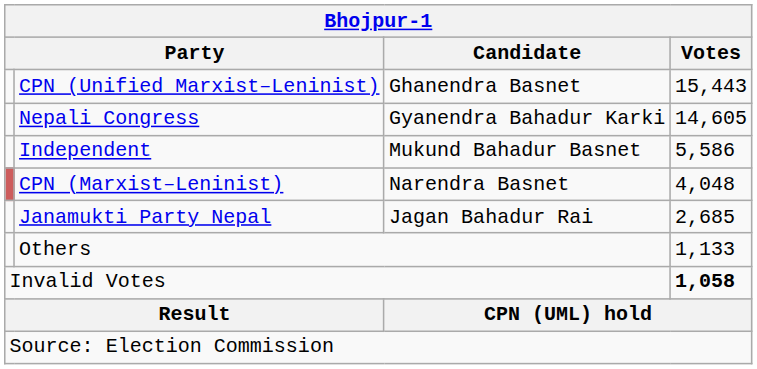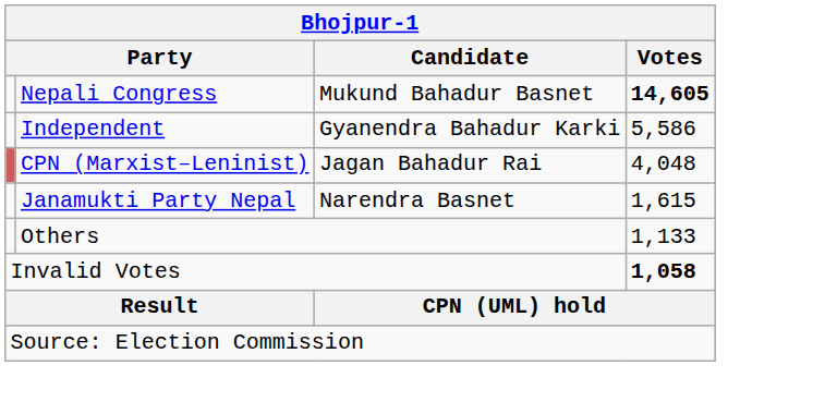 <table class="wikitable">
 <tr>
 <th colspan="4"><a href='#'>Bhojpur-1</a></th>
 </tr>
 <tr>
 <th colspan="2">Party</th>
 <th>Candidate</th>
 <th>Votes</th>
 </tr>
 <tr>
 <td style="background-color:"></td>
-<td><a href='#'>CPN (Unified Marxist–Leninist)</a></td>
-<td>Ghanendra Basnet</td>
-<td>15,443</td>
-</tr>
-<tr>
-<td style="background-color:"></td>
 <td><a href='#'>Nepali Congress</a></td>
-<td>Gyanendra Bahadur Karki</td>
-<td>14,605</td>
+<td>Mukund Bahadur Basnet</td>
+<td><strong>14,605</strong></td>
 </tr>
 <tr>
 <td style="background-color:"></td>
 <td><a href='#'>Independent</a></td>
-<td>Mukund Bahadur Basnet</td>
+<td>Gyanendra Bahadur Karki</td>
 <td>5,586</td>
 </tr>
 <tr>
 <td style="background-color:indianred"></td>
 <td><a href='#'>CPN (Marxist–Leninist)</a></td>
-<td>Narendra Basnet</td>
+<td>Jagan Bahadur Rai</td>
 <td>4,048</td>
 </tr>
 <tr>
 <td></td>
 <td><a href='#'>Janamukti Party Nepal</a></td>
-<td>Jagan Bahadur Rai</td>
-<td>2,685</td>
+<td>Narendra Basnet</td>
+<td>1,615</td>
 </tr>
 <tr>
 <td></td>
 <td colspan="2">Others</td>
 <td>1,133</td>
 </tr>
 <tr>
 <td colspan="3">Invalid Votes</td>
 <td><strong>1,058</strong></td>
 </tr>
 <tr>
 <th colspan="2">Result</th>
 <th colspan="2">CPN (UML) hold</th>
 </tr>
 <tr>
 <td colspan="4">Source: Election Commission</td>
 </tr>
 </table>
